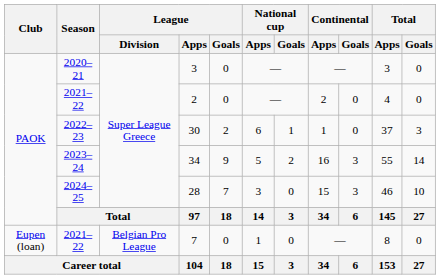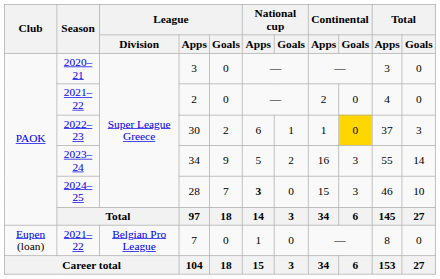 <table class="wikitable" style="text-align:center">
 <tr>
 <th rowspan="2">Club</th>
 <th rowspan="2">Season</th>
 <th colspan="3">League</th>
 <th colspan="2">National cup</th>
 <th colspan="2">Continental</th>
 <th colspan="2">Total</th>
 </tr>
 <tr>
 <th>Division</th>
 <th>Apps</th>
 <th>Goals</th>
 <th>Apps</th>
 <th>Goals</th>
 <th>Apps</th>
 <th>Goals</th>
 <th>Apps</th>
 <th>Goals</th>
 </tr>
 <tr>
 <td rowspan="6"><a href='#'>PAOK</a></td>
 <td><a href='#'>2020–21</a></td>
 <td rowspan="5"><a href='#'>Super League Greece</a></td>
 <td>3</td>
 <td>0</td>
 <td colspan="2">—</td>
 <td colspan="2">—</td>
 <td>3</td>
 <td>0</td>
 </tr>
 <tr>
 <td><a href='#'>2021–22</a></td>
 <td>2</td>
 <td>0</td>
 <td colspan="2">—</td>
 <td>2</td>
 <td>0</td>
 <td>4</td>
 <td>0</td>
 </tr>
 <tr>
 <td><a href='#'>2022–23</a></td>
 <td>30</td>
 <td>2</td>
 <td>6</td>
 <td>1</td>
 <td>1</td>
-<td>0</td>
+<td style="background: gold;">0</td>
 <td>37</td>
 <td>3</td>
 </tr>
 <tr>
 <td><a href='#'>2023–24</a></td>
 <td>34</td>
 <td>9</td>
 <td>5</td>
 <td>2</td>
 <td>16</td>
 <td>3</td>
 <td>55</td>
 <td>14</td>
 </tr>
 <tr>
 <td><a href='#'>2024–25</a></td>
 <td>28</td>
 <td>7</td>
-<td>3</td>
+<td><strong>3</strong></td>
 <td>0</td>
 <td>15</td>
 <td>3</td>
 <td>46</td>
 <td>10</td>
 </tr>
 <tr>
 <th colspan="2">Total</th>
 <th>97</th>
 <th>18</th>
 <th>14</th>
 <th>3</th>
 <th>34</th>
 <th>6</th>
 <th>145</th>
 <th>27</th>
 </tr>
 <tr>
 <td><a href='#'>Eupen</a> (loan)</td>
 <td><a href='#'>2021–22</a></td>
 <td><a href='#'>Belgian Pro League</a></td>
 <td>7</td>
 <td>0</td>
 <td>1</td>
 <td>0</td>
 <td colspan="2">—</td>
 <td>8</td>
 <td>0</td>
 </tr>
 <tr>
 <th colspan="3">Career total</th>
 <th>104</th>
 <th>18</th>
 <th>15</th>
 <th>3</th>
 <th>34</th>
 <th>6</th>
 <th>153</th>
 <th>27</th>
 </tr>
 </table>
